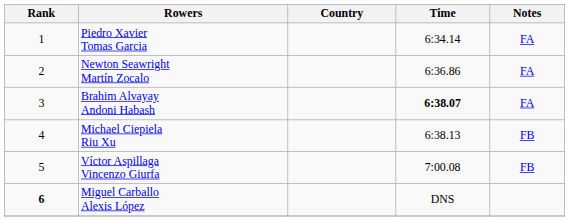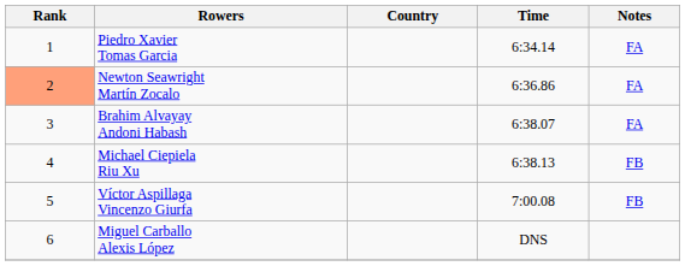 <table class="wikitable" width=60% style="text-align:center">
 <tr>
 <th>Rank</th>
 <th>Rowers</th>
 <th>Country</th>
 <th>Time</th>
 <th>Notes</th>
 </tr>
 <tr>
 <td>1</td>
 <td align=left><a href='#'>Piedro Xavier</a><br><a href='#'>Tomas Garcia</a></td>
 <td align=left></td>
 <td>6:34.14</td>
 <td><a href='#'>FA</a></td>
 </tr>
 <tr>
-<td>2</td>
+<td style="background: lightsalmon;">2</td>
 <td align=left><a href='#'>Newton Seawright</a><br><a href='#'>Martín Zocalo</a></td>
 <td align=left></td>
 <td>6:36.86</td>
 <td><a href='#'>FA</a></td>
 </tr>
 <tr>
 <td>3</td>
 <td align=left><a href='#'>Brahim Alvayay</a><br><a href='#'>Andoni Habash</a></td>
 <td align=left></td>
-<td><strong>6:38.07</strong></td>
+<td>6:38.07</td>
 <td><a href='#'>FA</a></td>
 </tr>
 <tr>
 <td>4</td>
 <td align=left><a href='#'>Michael Ciepiela</a><br><a href='#'>Riu Xu</a></td>
 <td align=left></td>
 <td>6:38.13</td>
 <td><a href='#'>FB</a></td>
 </tr>
 <tr>
 <td>5</td>
 <td align=left><a href='#'>Víctor Aspillaga</a><br><a href='#'>Vincenzo Giurfa</a></td>
 <td align=left></td>
 <td>7:00.08</td>
 <td><a href='#'>FB</a></td>
 </tr>
 <tr>
-<td><strong>6</strong></td>
+<td>6</td>
 <td align=left><a href='#'>Miguel Carballo</a><br><a href='#'>Alexis López</a></td>
 <td align=left></td>
 <td>DNS</td>
 <td></td>
 </tr>
 <tr>
 </tr>
 </table>
